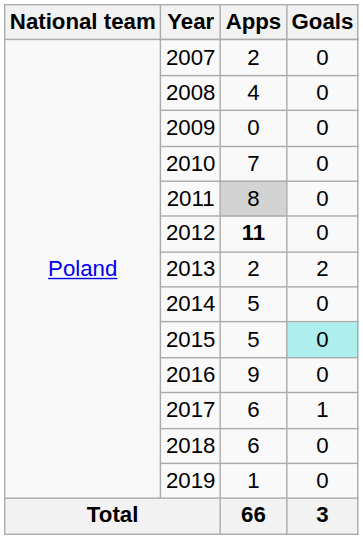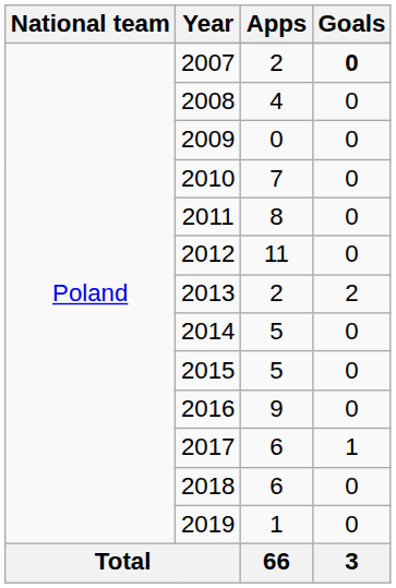 <table class="wikitable" style="text-align:center">
 <tr>
 <th>National team</th>
 <th>Year</th>
 <th>Apps</th>
 <th>Goals</th>
 </tr>
 <tr>
 <td rowspan="14"><a href='#'>Poland</a></td>
 </tr>
 <tr>
 <td>2007</td>
 <td>2</td>
-<td>0</td>
+<td><strong>0</strong></td>
 </tr>
 <tr>
 <td>2008</td>
 <td>4</td>
 <td>0</td>
 </tr>
 <tr>
 <td>2009</td>
 <td>0</td>
 <td>0</td>
 </tr>
 <tr>
 <td>2010</td>
 <td>7</td>
 <td>0</td>
 </tr>
 <tr>
 <td>2011</td>
-<td style="background: lightgrey;">8</td>
+<td>8</td>
 <td>0</td>
 </tr>
 <tr>
 <td>2012</td>
-<td><strong>11</strong></td>
+<td>11</td>
 <td>0</td>
 </tr>
 <tr>
 <td>2013</td>
 <td>2</td>
 <td>2</td>
 </tr>
 <tr>
 <td>2014</td>
 <td>5</td>
 <td>0</td>
 </tr>
 <tr>
 <td>2015</td>
 <td>5</td>
-<td style="background: paleturquoise;">0</td>
+<td>0</td>
 </tr>
 <tr>
 <td>2016</td>
 <td>9</td>
 <td>0</td>
 </tr>
 <tr>
 <td>2017</td>
 <td>6</td>
 <td>1</td>
 </tr>
 <tr>
 <td>2018</td>
 <td>6</td>
 <td>0</td>
 </tr>
 <tr>
 <td>2019</td>
 <td>1</td>
 <td>0</td>
 </tr>
 <tr>
 <th colspan="2">Total</th>
 <th>66</th>
 <th>3</th>
 </tr>
 </table>
